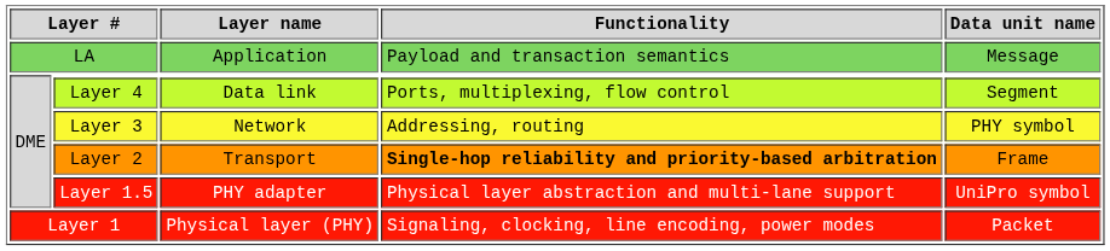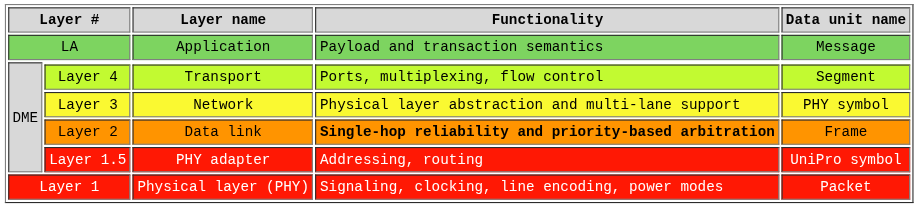 <table border="1" cellpadding="3" style="margin: 1em auto 1em auto">
 <tr style="background:#D8D8D8; color:black">
 <th colspan="2">Layer #</th>
 <th>Layer name</th>
 <th>Functionality</th>
 <th>Data unit name</th>
 </tr>
 <tr style="background:#7DD460; color:black">
 <td align="center" colspan="2">LA</td>
 <td align="center">Application</td>
 <td>Payload and transaction semantics</td>
 <td align="center">Message</td>
 </tr>
 <tr style="background:#D8D8D8; color:black">
 <td align="center" rowspan="5">DME</td>
 </tr>
 <tr style="background:#C2FA31; color:black">
 <td align="center">Layer 4</td>
-<td align="center">Data link</td>
+<td align="center">Transport</td>
 <td>Ports, multiplexing, flow control</td>
 <td align="center">Segment</td>
 </tr>
 <tr style="background:#FAF931; color:black">
 <td align="center">Layer 3</td>
 <td align="center">Network</td>
-<td>Addressing, routing</td>
+<td>Physical layer abstraction and multi-lane support</td>
 <td align="center">PHY symbol</td>
 </tr>
 <tr style="background:#FF9400; color:black">
 <td align="center">Layer 2</td>
-<td align="center">Transport</td>
+<td align="center">Data link</td>
 <td><strong>Single-hop reliability and priority-based arbitration</strong></td>
 <td align="center">Frame</td>
 </tr>
 <tr style="background:#FF1804; color:white">
 <td align="center">Layer 1.5</td>
 <td align="center">PHY adapter</td>
-<td>Physical layer abstraction and multi-lane support</td>
+<td>Addressing, routing</td>
 <td align="center">UniPro symbol</td>
 </tr>
 <tr style="background:#FF1804; color:white">
 <td align="center" colspan="2">Layer 1</td>
 <td align="center">Physical layer (PHY)</td>
 <td>Signaling, clocking, line encoding, power modes</td>
 <td align="center">Packet</td>
 </tr>
 </table>
